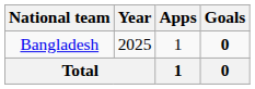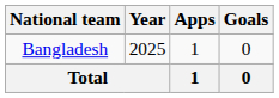 <table class=wikitable style="text-align: center">
 <tr>
 <th>National team</th>
 <th>Year</th>
 <th>Apps</th>
 <th>Goals</th>
 </tr>
 <tr>
 <td rowspan=1><a href='#'>Bangladesh</a></td>
 <td>2025</td>
 <td>1</td>
-<td><strong>0</strong></td>
+<td>0</td>
 </tr>
 <tr>
 <th colspan=2>Total</th>
 <th>1</th>
 <th>0</th>
 </tr>
 </table>
